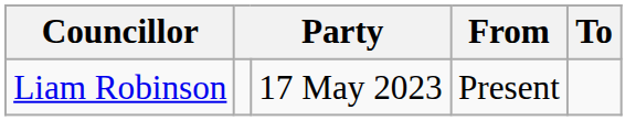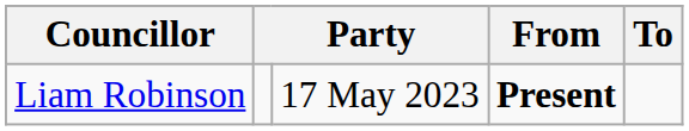 <table class=wikitable>
 <tr>
 <th>Councillor</th>
 <th colspan=2>Party</th>
 <th>From</th>
 <th>To</th>
 </tr>
 <tr>
 <td><a href='#'>Liam Robinson</a></td>
 <td></td>
 <td align=right>17 May 2023</td>
-<td align=right>Present</td>
+<td align=right><strong>Present</strong></td>
 </tr>
 </table>
